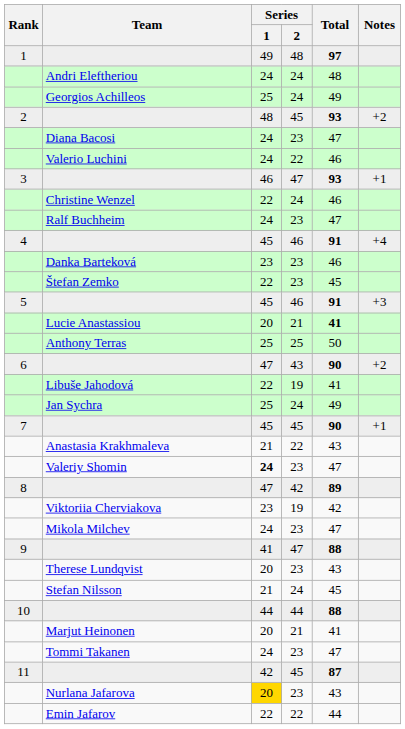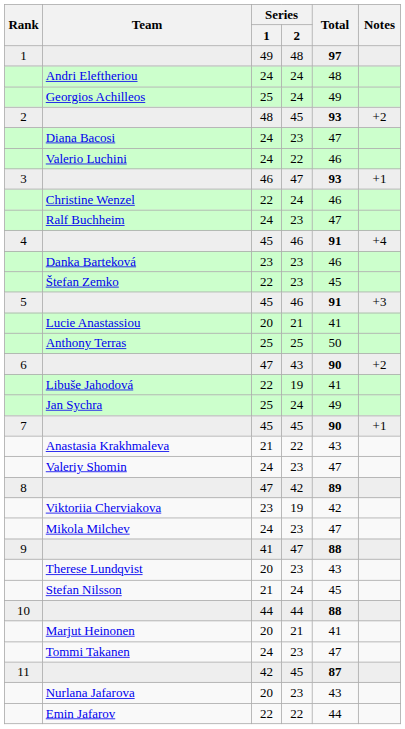 <table class="wikitable" style="text-align:center">
 <tr>
 <th rowspan=2 width=40>Rank</th>
 <th rowspan=2 width=250>Team</th>
 <th colspan=2>Series</th>
 <th rowspan=2 width=50>Total</th>
 <th rowspan=2 width=45>Notes</th>
 </tr>
 <tr>
 <th width=30>1</th>
 <th width=30>2</th>
 </tr>
 <tr bgcolor=eeeeee>
 <td>1</td>
 <td align=left></td>
 <td>49</td>
 <td>48</td>
 <td><strong>97</strong></td>
 <td></td>
 </tr>
 <tr bgcolor=ccffcc>
 <td></td>
 <td align=left><a href='#'>Andri Eleftheriou</a></td>
 <td>24</td>
 <td>24</td>
 <td>48</td>
 <td></td>
 </tr>
 <tr bgcolor=ccffcc>
 <td></td>
 <td align=left><a href='#'>Georgios Achilleos</a></td>
 <td>25</td>
 <td>24</td>
 <td>49</td>
 <td></td>
 </tr>
 <tr bgcolor=eeeeee>
 <td>2</td>
 <td align=left></td>
 <td>48</td>
 <td>45</td>
 <td><strong>93</strong></td>
 <td>+2</td>
 </tr>
 <tr bgcolor=ccffcc>
 <td></td>
 <td align=left><a href='#'>Diana Bacosi</a></td>
 <td>24</td>
 <td>23</td>
 <td>47</td>
 <td></td>
 </tr>
 <tr bgcolor=ccffcc>
 <td></td>
 <td align=left><a href='#'>Valerio Luchini</a></td>
 <td>24</td>
 <td>22</td>
 <td>46</td>
 <td></td>
 </tr>
 <tr bgcolor=eeeeee>
 <td>3</td>
 <td align=left></td>
 <td>46</td>
 <td>47</td>
 <td><strong>93</strong></td>
 <td>+1</td>
 </tr>
 <tr bgcolor=ccffcc>
 <td></td>
 <td align=left><a href='#'>Christine Wenzel</a></td>
 <td>22</td>
 <td>24</td>
 <td>46</td>
 <td></td>
 </tr>
 <tr bgcolor=ccffcc>
 <td></td>
 <td align=left><a href='#'>Ralf Buchheim</a></td>
 <td>24</td>
 <td>23</td>
 <td>47</td>
 <td></td>
 </tr>
 <tr bgcolor=eeeeee>
 <td>4</td>
 <td align=left></td>
 <td>45</td>
 <td>46</td>
 <td><strong>91</strong></td>
 <td>+4</td>
 </tr>
 <tr bgcolor=ccffcc>
 <td></td>
 <td align=left><a href='#'>Danka Barteková</a></td>
 <td>23</td>
 <td>23</td>
 <td>46</td>
 <td></td>
 </tr>
 <tr bgcolor=ccffcc>
 <td></td>
 <td align=left><a href='#'>Štefan Zemko</a></td>
 <td>22</td>
 <td>23</td>
 <td>45</td>
 <td></td>
 </tr>
 <tr bgcolor=eeeeee>
 <td>5</td>
 <td align=left></td>
 <td>45</td>
 <td>46</td>
 <td><strong>91</strong></td>
 <td>+3</td>
 </tr>
 <tr bgcolor=ccffcc>
 <td></td>
 <td align=left><a href='#'>Lucie Anastassiou</a></td>
 <td>20</td>
 <td>21</td>
-<td><strong>41</strong></td>
+<td>41</td>
 <td></td>
 </tr>
 <tr bgcolor=ccffcc>
 <td></td>
 <td align=left><a href='#'>Anthony Terras</a></td>
 <td>25</td>
 <td>25</td>
 <td>50</td>
 <td></td>
 </tr>
 <tr bgcolor=eeeeee>
 <td>6</td>
 <td align=left></td>
 <td>47</td>
 <td>43</td>
 <td><strong>90</strong></td>
 <td>+2</td>
 </tr>
 <tr bgcolor=ccffcc>
 <td></td>
 <td align=left><a href='#'>Libuše Jahodová</a></td>
 <td>22</td>
 <td>19</td>
 <td>41</td>
 <td></td>
 </tr>
 <tr bgcolor=ccffcc>
 <td></td>
 <td align=left><a href='#'>Jan Sychra</a></td>
 <td>25</td>
 <td>24</td>
 <td>49</td>
 <td></td>
 </tr>
 <tr bgcolor=eeeeee>
 <td>7</td>
 <td align=left></td>
 <td>45</td>
 <td>45</td>
 <td><strong>90</strong></td>
 <td>+1</td>
 </tr>
 <tr>
 <td></td>
 <td align=left><a href='#'>Anastasia Krakhmaleva</a></td>
 <td>21</td>
 <td>22</td>
 <td>43</td>
 <td></td>
 </tr>
 <tr>
 <td></td>
 <td align=left><a href='#'>Valeriy Shomin</a></td>
-<td><strong>24</strong></td>
+<td>24</td>
 <td>23</td>
 <td>47</td>
 <td></td>
 </tr>
 <tr bgcolor=eeeeee>
 <td>8</td>
 <td align=left></td>
 <td>47</td>
 <td>42</td>
 <td><strong>89</strong></td>
 <td></td>
 </tr>
 <tr>
 <td></td>
 <td align=left><a href='#'>Viktoriia Cherviakova</a></td>
 <td>23</td>
 <td>19</td>
 <td>42</td>
 <td></td>
 </tr>
 <tr>
 <td></td>
 <td align=left><a href='#'>Mikola Milchev</a></td>
 <td>24</td>
 <td>23</td>
 <td>47</td>
 <td></td>
 </tr>
 <tr bgcolor=eeeeee>
 <td>9</td>
 <td align=left></td>
 <td>41</td>
 <td>47</td>
 <td><strong>88</strong></td>
 <td></td>
 </tr>
 <tr>
 <td></td>
 <td align=left><a href='#'>Therese Lundqvist</a></td>
 <td>20</td>
 <td>23</td>
 <td>43</td>
 <td></td>
 </tr>
 <tr>
 <td></td>
 <td align=left><a href='#'>Stefan Nilsson</a></td>
 <td>21</td>
 <td>24</td>
 <td>45</td>
 <td></td>
 </tr>
 <tr bgcolor=eeeeee>
 <td>10</td>
 <td align=left></td>
 <td>44</td>
 <td>44</td>
 <td><strong>88</strong></td>
 <td></td>
 </tr>
 <tr>
 <td></td>
 <td align=left><a href='#'>Marjut Heinonen</a></td>
 <td>20</td>
 <td>21</td>
 <td>41</td>
 <td></td>
 </tr>
 <tr>
 <td></td>
 <td align=left><a href='#'>Tommi Takanen</a></td>
 <td>24</td>
 <td>23</td>
 <td>47</td>
 <td></td>
 </tr>
 <tr bgcolor=eeeeee>
 <td>11</td>
 <td align=left></td>
 <td>42</td>
 <td>45</td>
 <td><strong>87</strong></td>
 <td></td>
 </tr>
 <tr>
 <td></td>
 <td align=left><a href='#'>Nurlana Jafarova</a></td>
-<td style="background: gold;">20</td>
+<td>20</td>
 <td>23</td>
 <td>43</td>
 <td></td>
 </tr>
 <tr>
 <td></td>
 <td align=left><a href='#'>Emin Jafarov</a></td>
 <td>22</td>
 <td>22</td>
 <td>44</td>
 <td></td>
 </tr>
 </table>
